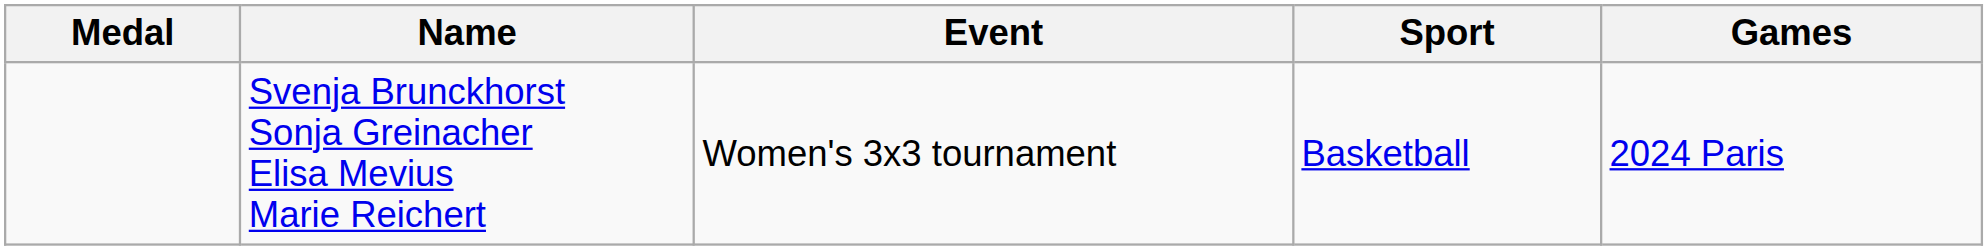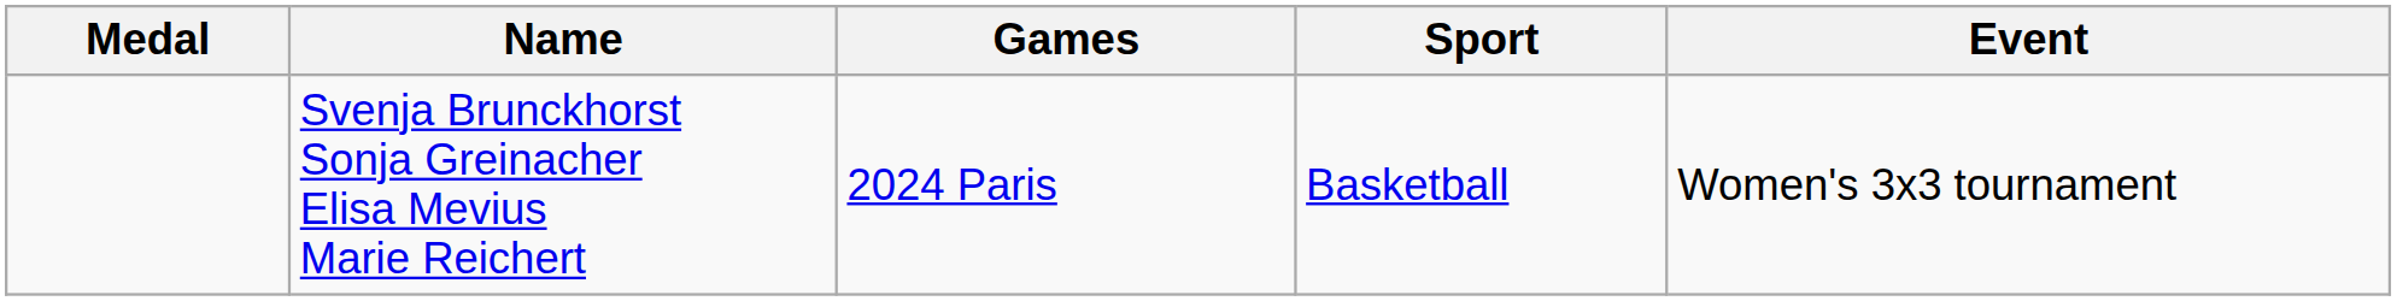 <table class="wikitable sortable">
 <tr>
 <th style="width:6em">Medal</th>
 <th style="width:12em">Name</th>
+<th style="width:10em">Games</th>
+<th style="width:8em">Sport</th>
 <th style="width:16em">Event</th>
-<th style="width:8em">Sport</th>
-<th style="width:10em">Games</th>
 </tr>
 <tr>
 <td></td>
 <td><a href='#'>Svenja Brunckhorst</a><br><a href='#'>Sonja Greinacher</a><br><a href='#'>Elisa Mevius</a><br><a href='#'>Marie Reichert</a></td>
+<td> <a href='#'>2024 Paris</a></td>
+<td> <a href='#'>Basketball</a></td>
 <td>Women's 3x3 tournament</td>
-<td> <a href='#'>Basketball</a></td>
-<td> <a href='#'>2024 Paris</a></td>
 </tr>
 </table>
